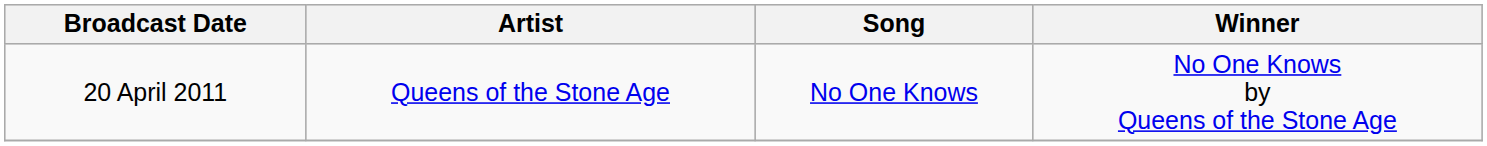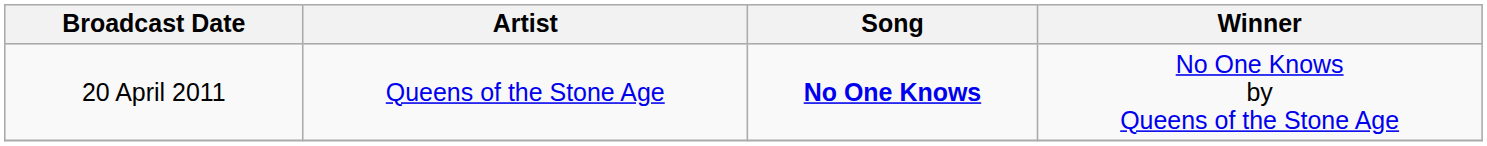 <table class="wikitable" style="text-align:center" width=75%>
 <tr>
 <th>Broadcast Date</th>
 <th>Artist</th>
 <th>Song</th>
 <th>Winner</th>
 </tr>
 <tr>
 <td>20 April 2011</td>
 <td><a href='#'>Queens of the Stone Age</a></td>
-<td><a href='#'>No One Knows</a></td>
+<td><strong><a href='#'>No One Knows</a></strong></td>
 <td><a href='#'>No One Knows</a><br>by<br><a href='#'>Queens of the Stone Age</a></td>
 </tr>
 <tr>
 </tr>
 </table>
